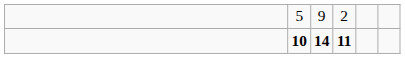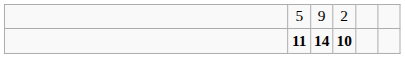 <table class="wikitable">
 <tr>
 <td style="width:18em"></td>
 <td align=center style="width:1em">5</td>
 <td align=center style="width:1em">9</td>
 <td align=center style="width:1em">2</td>
 <td align=center style="width:1em"></td>
 <td align=center style="width:1em"></td>
 </tr>
 <tr>
 <td style="width:18em"><strong></strong></td>
+<td align=center style="width:1em"><strong>11</strong></td>
+<td align=center style="width:1em"><strong>14</strong></td>
 <td align=center style="width:1em"><strong>10</strong></td>
-<td align=center style="width:1em"><strong>14</strong></td>
-<td align=center style="width:1em"><strong>11</strong></td>
 <td align=center style="width:1em"></td>
 <td align=center style="width:1em"></td>
 </tr>
 </table>
